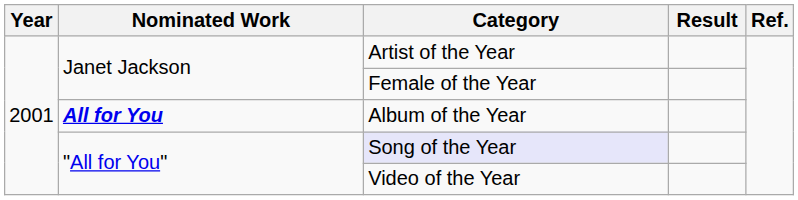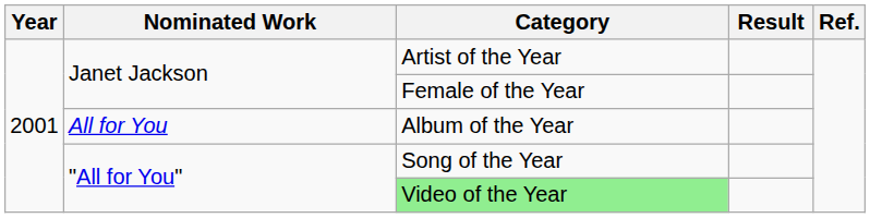 <table class="wikitable" width="50%">
 <tr>
 <th width="5%">Year</th>
 <th width="40%">Nominated Work</th>
 <th width="40%">Category</th>
 <th width="10%">Result</th>
 <th width="5%">Ref.</th>
 </tr>
 <tr>
 <td rowspan="5">2001</td>
 <td rowspan="2">Janet Jackson</td>
 <td>Artist of the Year</td>
 <td></td>
 <td rowspan="5"></td>
 </tr>
 <tr>
 <td>Female of the Year</td>
 <td></td>
 </tr>
 <tr>
-<td><strong><em><a href='#'>All for You</a></em></strong></td>
+<td><em><a href='#'>All for You</a></em></td>
 <td>Album of the Year</td>
 <td></td>
 </tr>
 <tr>
 <td rowspan="2">"<a href='#'>All for You</a>"</td>
-<td style="background: lavender;">Song of the Year</td>
+<td>Song of the Year</td>
 <td></td>
 </tr>
 <tr>
-<td>Video of the Year</td>
+<td style="background: lightgreen;">Video of the Year</td>
 <td></td>
 </tr>
 </table>
